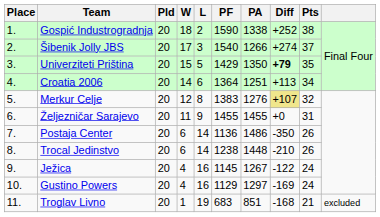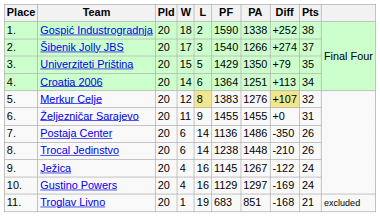 <table class="wikitable">
 <tr>
 <th>Place</th>
 <th>Team</th>
 <th>Pld</th>
 <th>W</th>
 <th>L</th>
 <th>PF</th>
 <th>PA</th>
 <th>Diff</th>
 <th>Pts</th>
 <th></th>
 </tr>
 <tr bgcolor=#ccffcc>
 <td>1.</td>
 <td> <a href='#'>Gospić Industrogradnja</a></td>
 <td>20</td>
 <td>18</td>
 <td>2</td>
 <td>1590</td>
 <td>1338</td>
 <td>+252</td>
 <td>38</td>
 <td rowspan="4">Final Four</td>
 </tr>
 <tr bgcolor=#ccffcc>
 <td>2.</td>
 <td> <a href='#'>Šibenik Jolly JBS</a></td>
 <td>20</td>
 <td>17</td>
 <td>3</td>
 <td>1540</td>
 <td>1266</td>
 <td>+274</td>
 <td>37</td>
 </tr>
 <tr bgcolor=#ccffcc>
 <td>3.</td>
 <td> <a href='#'>Univerziteti Priština</a></td>
 <td>20</td>
 <td>15</td>
 <td>5</td>
 <td>1429</td>
 <td>1350</td>
-<td><strong>+79</strong></td>
+<td>+79</td>
 <td>35</td>
 </tr>
 <tr bgcolor=#ccffcc>
 <td>4.</td>
 <td> <a href='#'>Croatia 2006</a></td>
 <td>20</td>
 <td>14</td>
 <td>6</td>
 <td>1364</td>
 <td>1251</td>
 <td>+113</td>
 <td>34</td>
 </tr>
 <tr>
 <td>5.</td>
 <td> <a href='#'>Merkur Celje</a></td>
 <td>20</td>
 <td>12</td>
-<td>8</td>
+<td style="background: khaki;">8</td>
 <td>1383</td>
 <td>1276</td>
 <td style="background: khaki;">+107</td>
 <td>32</td>
 <td rowspan="6"></td>
 </tr>
 <tr>
 <td>6.</td>
 <td> <a href='#'>Željezničar Sarajevo</a></td>
 <td>20</td>
 <td>11</td>
 <td>9</td>
 <td>1455</td>
 <td>1455</td>
 <td>+0</td>
 <td>31</td>
 </tr>
 <tr>
 <td>7.</td>
 <td> <a href='#'>Postaja Center</a></td>
 <td>20</td>
 <td>6</td>
 <td>14</td>
 <td>1136</td>
 <td>1486</td>
 <td>-350</td>
 <td>26</td>
 </tr>
 <tr>
 <td>8.</td>
 <td> <a href='#'>Trocal Jedinstvo</a></td>
 <td>20</td>
 <td>6</td>
 <td>14</td>
 <td>1238</td>
 <td>1448</td>
 <td>-210</td>
 <td>26</td>
 </tr>
 <tr>
 <td>9.</td>
 <td> <a href='#'>Ježica</a></td>
 <td>20</td>
 <td>4</td>
 <td>16</td>
 <td>1145</td>
 <td>1267</td>
 <td>-122</td>
 <td>24</td>
 </tr>
 <tr>
 <td>10.</td>
 <td> <a href='#'>Gustino Powers</a></td>
 <td>20</td>
 <td>4</td>
 <td>16</td>
 <td>1129</td>
 <td>1297</td>
 <td>-169</td>
 <td>24</td>
 </tr>
 <tr>
 <td>11.</td>
 <td> <a href='#'>Troglav Livno</a></td>
 <td>20</td>
 <td>1</td>
 <td>19</td>
 <td>683</td>
 <td>851</td>
 <td>-168</td>
 <td>21</td>
 <td><small> excluded </small></td>
 </tr>
 </table>
